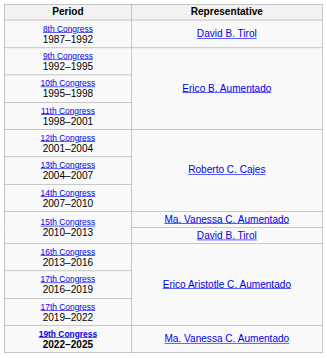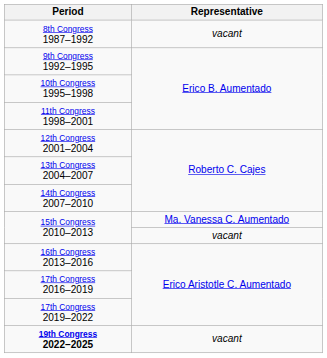 <table class="wikitable" style="text-align:center; width:40%;">
 <tr>
 <th width="40%">Period</th>
 <th>Representative</th>
 </tr>
 <tr>
 <td><small><a href='#'>8th Congress</a></small><br>1987–1992</td>
-<td><a href='#'>David B. Tirol</a></td>
+<td><em>vacant</em></td>
 </tr>
 <tr>
 <td><small><a href='#'>9th Congress</a></small><br>1992–1995</td>
 <td rowspan="3"><a href='#'>Erico B. Aumentado</a></td>
 </tr>
 <tr>
 <td><small><a href='#'>10th Congress</a></small><br>1995–1998</td>
 </tr>
 <tr>
 <td><small><a href='#'>11th Congress</a></small><br>1998–2001</td>
 </tr>
 <tr>
 <td><small><a href='#'>12th Congress</a></small><br>2001–2004</td>
 <td rowspan="3"><a href='#'>Roberto C. Cajes</a></td>
 </tr>
 <tr>
 <td><small><a href='#'>13th Congress</a></small><br>2004–2007</td>
 </tr>
 <tr>
 <td><small><a href='#'>14th Congress</a></small><br>2007–2010</td>
 </tr>
 <tr>
 <td rowspan="2"><small><a href='#'>15th Congress</a></small><br>2010–2013</td>
 <td><a href='#'>Ma. Vanessa C. Aumentado</a></td>
 </tr>
 <tr>
-<td><a href='#'>David B. Tirol</a></td>
+<td><em>vacant</em></td>
 </tr>
 <tr>
 <td><small><a href='#'>16th Congress</a></small><br>2013–2016</td>
 <td rowspan="3"><a href='#'>Erico Aristotle C. Aumentado</a></td>
 </tr>
 <tr>
 <td><small><a href='#'>17th Congress</a></small><br>2016–2019</td>
 </tr>
 <tr>
 <td><small><a href='#'>17th Congress</a></small><br>2019–2022</td>
 </tr>
 <tr>
 <td><strong><small><a href='#'>19th Congress</a></small><br>2022–2025</strong></td>
-<td><a href='#'>Ma. Vanessa C. Aumentado</a></td>
+<td><em>vacant</em></td>
 </tr>
 </table>
